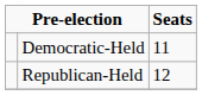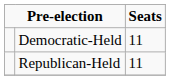 <table class= "wikitable">
 <tr>
 <td colspan= "2" rowspan= "1" align= "center" valign= "top"><strong>Pre-election</strong></td>
 <td valign= "top"><strong>Seats</strong><br></td>
 </tr>
 <tr>
 <td style="background-color:"> </td>
 <td>Democratic-Held</td>
 <td>11</td>
 </tr>
 <tr>
 <td style="background-color:"> </td>
 <td>Republican-Held</td>
-<td>12</td>
+<td>11</td>
 </tr>
 <tr>
 </tr>
 </table>
